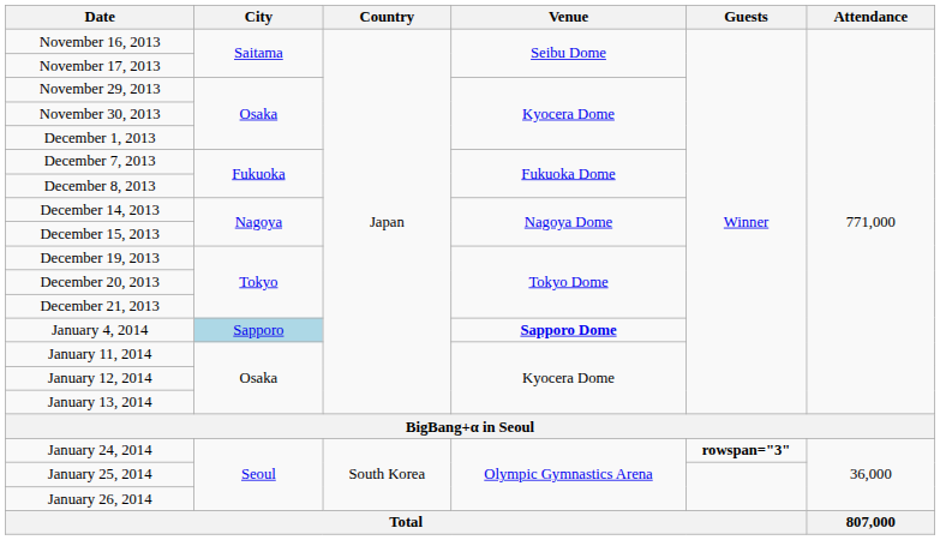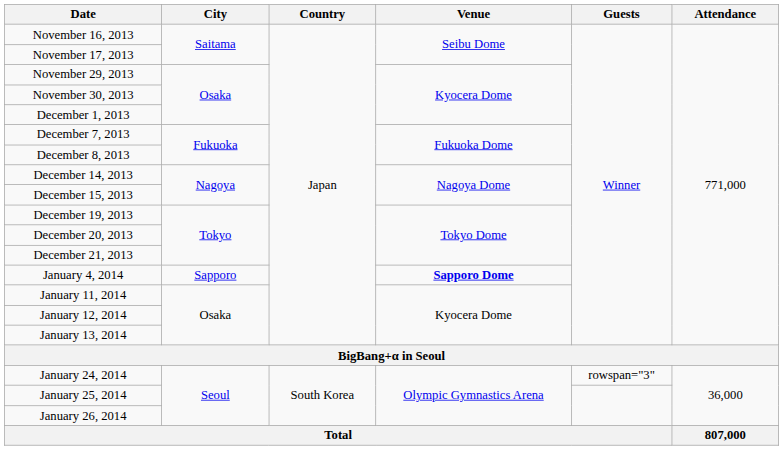 <table class="wikitable" style="text-align:center;">
 <tr>
 <th scope="col" style="width:12em;">Date</th>
 <th scope="col" style="width:8em;">City</th>
 <th scope="col" style="width:8em;">Country</th>
 <th scope="col" style="width:15em;">Venue</th>
 <th scope="col" style="width:7.5em;">Guests</th>
 <th scope="col" style="width:8em;">Attendance</th>
 </tr>
 <tr>
 <td>November 16, 2013</td>
 <td rowspan="2"><a href='#'>Saitama</a></td>
 <td rowspan="16">Japan</td>
 <td rowspan="2"><a href='#'>Seibu Dome</a></td>
 <td rowspan="16"><a href='#'>Winner</a></td>
 <td rowspan="16">771,000</td>
 </tr>
 <tr>
 <td>November 17, 2013</td>
 </tr>
 <tr>
 <td>November 29, 2013</td>
 <td rowspan="3"><a href='#'>Osaka</a></td>
 <td rowspan="3"><a href='#'>Kyocera Dome</a></td>
 </tr>
 <tr>
 <td>November 30, 2013</td>
 </tr>
 <tr>
 <td>December 1, 2013</td>
 </tr>
 <tr>
 <td>December 7, 2013</td>
 <td rowspan="2"><a href='#'>Fukuoka</a></td>
 <td rowspan="2"><a href='#'>Fukuoka Dome</a></td>
 </tr>
 <tr>
 <td>December 8, 2013</td>
 </tr>
 <tr>
 <td>December 14, 2013</td>
 <td rowspan="2"><a href='#'>Nagoya</a></td>
 <td rowspan="2"><a href='#'>Nagoya Dome</a></td>
 </tr>
 <tr>
 <td>December 15, 2013</td>
 </tr>
 <tr>
 <td>December 19, 2013</td>
 <td rowspan="3"><a href='#'>Tokyo</a></td>
 <td rowspan="3"><a href='#'>Tokyo Dome</a></td>
 </tr>
 <tr>
 <td>December 20, 2013</td>
 </tr>
 <tr>
 <td>December 21, 2013</td>
 </tr>
 <tr>
 <td>January 4, 2014</td>
-<td rowspan="1" style="background: lightblue;"><a href='#'>Sapporo</a></td>
+<td rowspan="1"><a href='#'>Sapporo</a></td>
 <td rowspan="1"><strong><a href='#'>Sapporo Dome</a></strong></td>
 </tr>
 <tr>
 <td>January 11, 2014</td>
 <td rowspan="3">Osaka</td>
 <td rowspan="3">Kyocera Dome</td>
 </tr>
 <tr>
 <td>January 12, 2014</td>
 </tr>
 <tr>
 <td>January 13, 2014</td>
 </tr>
 <tr>
 <th colspan="6" style="text-align:center;"><strong>BigBang+α in Seoul</strong> </th>
 </tr>
 <tr>
 <td>January 24, 2014</td>
 <td rowspan="3"><a href='#'>Seoul</a></td>
 <td rowspan="3">South Korea</td>
 <td rowspan="3"><a href='#'>Olympic Gymnastics Arena</a></td>
-<td><strong>rowspan="3" </strong></td>
+<td>rowspan="3" </td>
 <td rowspan="3">36,000</td>
 </tr>
 <tr>
 <td>January 25, 2014</td>
 </tr>
 <tr>
 <td>January 26, 2014</td>
 </tr>
 <tr>
 <th colspan="5"><strong>Total</strong></th>
 <th><strong>807,000</strong></th>
 </tr>
 </table>
